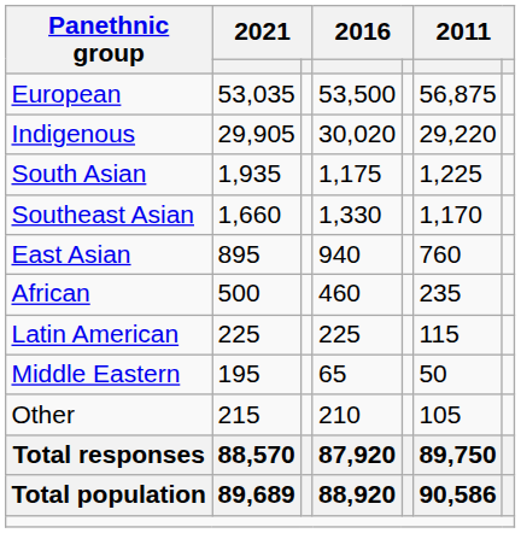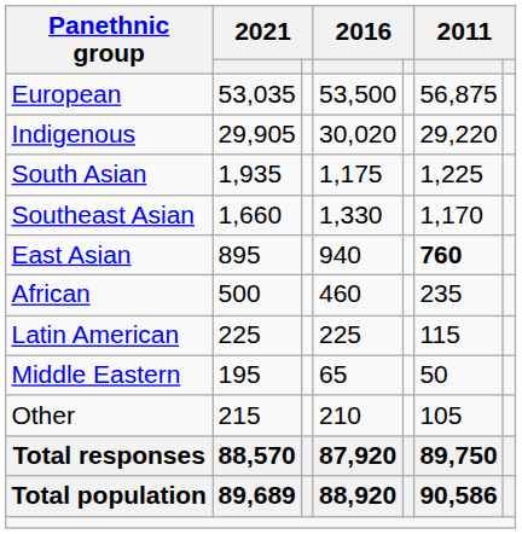 <table class="wikitable collapsible sortable">
 <tr>
 <th rowspan="2"><a href='#'>Panethnic</a><br>group</th>
 <th colspan="2">2021</th>
 <th colspan="2">2016</th>
 <th colspan="2">2011</th>
 </tr>
 <tr>
 <th><a href='#'></a></th>
 <th></th>
 <th></th>
 <th></th>
 <th></th>
 <th></th>
 </tr>
 <tr>
 <td><a href='#'>European</a></td>
 <td>53,035</td>
 <td></td>
 <td>53,500</td>
 <td></td>
 <td>56,875</td>
 <td></td>
 </tr>
 <tr>
 <td><a href='#'>Indigenous</a></td>
 <td>29,905</td>
 <td></td>
 <td>30,020</td>
 <td></td>
 <td>29,220</td>
 <td></td>
 </tr>
 <tr>
 <td><a href='#'>South Asian</a></td>
 <td>1,935</td>
 <td></td>
 <td>1,175</td>
 <td></td>
 <td>1,225</td>
 <td></td>
 </tr>
 <tr>
 <td><a href='#'>Southeast Asian</a></td>
 <td>1,660</td>
 <td></td>
 <td>1,330</td>
 <td></td>
 <td>1,170</td>
 <td></td>
 </tr>
 <tr>
 <td><a href='#'>East Asian</a></td>
 <td>895</td>
 <td></td>
 <td>940</td>
 <td></td>
-<td>760</td>
+<td><strong>760</strong></td>
 <td></td>
 </tr>
 <tr>
 <td><a href='#'>African</a></td>
 <td>500</td>
 <td></td>
 <td>460</td>
 <td></td>
 <td>235</td>
 <td></td>
 </tr>
 <tr>
 <td><a href='#'>Latin American</a></td>
 <td>225</td>
 <td></td>
 <td>225</td>
 <td></td>
 <td>115</td>
 <td></td>
 </tr>
 <tr>
 <td><a href='#'>Middle Eastern</a></td>
 <td>195</td>
 <td></td>
 <td>65</td>
 <td></td>
 <td>50</td>
 <td></td>
 </tr>
 <tr>
 <td>Other</td>
 <td>215</td>
 <td></td>
 <td>210</td>
 <td></td>
 <td>105</td>
 <td></td>
 </tr>
 <tr>
 <th>Total responses</th>
 <th>88,570</th>
 <th></th>
 <th>87,920</th>
 <th></th>
 <th>89,750</th>
 <th></th>
 </tr>
 <tr>
 <th>Total population</th>
 <th>89,689</th>
 <th></th>
 <th>88,920</th>
 <th></th>
 <th>90,586</th>
 <th></th>
 </tr>
 <tr class="sortbottom">
 <td colspan="15"></td>
 </tr>
 </table>
